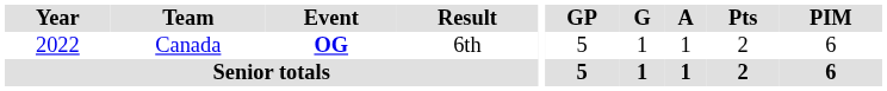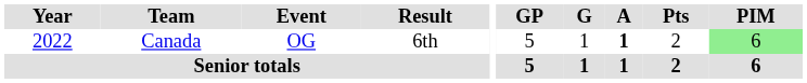 <table border="0" cellpadding="1" cellspacing="0" ID="Table3" style="text-align:center; width:40em;">
 <tr bgcolor="#e0e0e0">
 <th>Year</th>
 <th>Team</th>
 <th>Event</th>
 <th>Result</th>
 <th rowspan="99" bgcolor="#ffffff"></th>
 <th>GP</th>
 <th>G</th>
 <th>A</th>
 <th>Pts</th>
 <th>PIM</th>
 </tr>
 <tr>
 <td><a href='#'>2022</a></td>
 <td><a href='#'>Canada</a></td>
-<td><strong><a href='#'>OG</a></strong></td>
+<td><a href='#'>OG</a></td>
 <td>6th</td>
 <td>5</td>
 <td>1</td>
-<td>1</td>
+<td><strong>1</strong></td>
 <td>2</td>
-<td>6</td>
+<td style="background: lightgreen;">6</td>
 </tr>
 <tr bgcolor="#e0e0e0">
 <th colspan="4">Senior totals</th>
 <th>5</th>
 <th>1</th>
 <th>1</th>
 <th>2</th>
 <th>6</th>
 </tr>
 </table>
